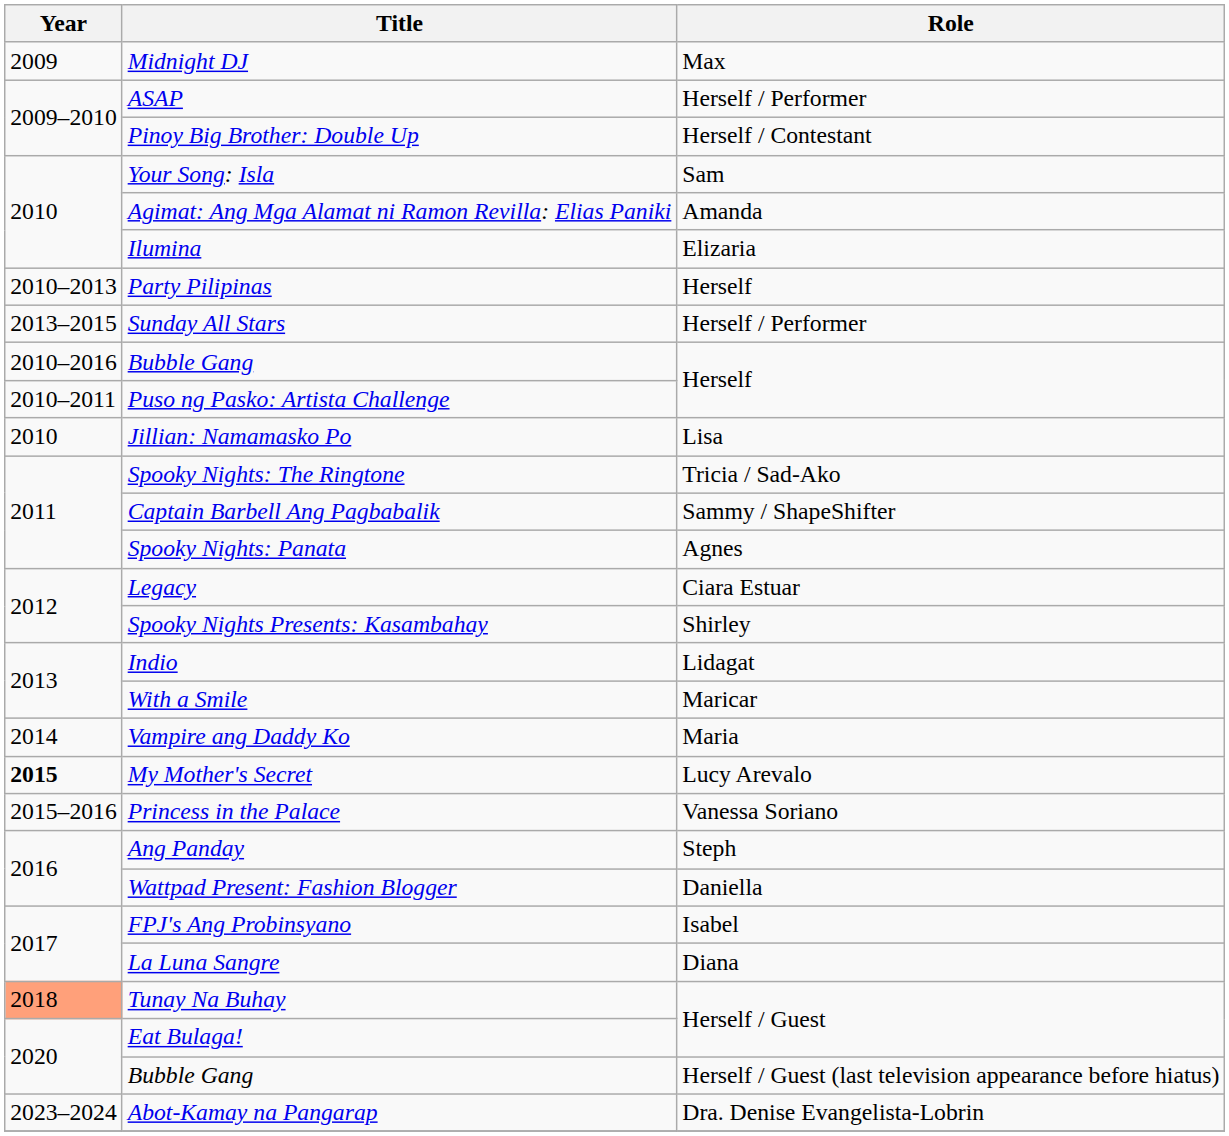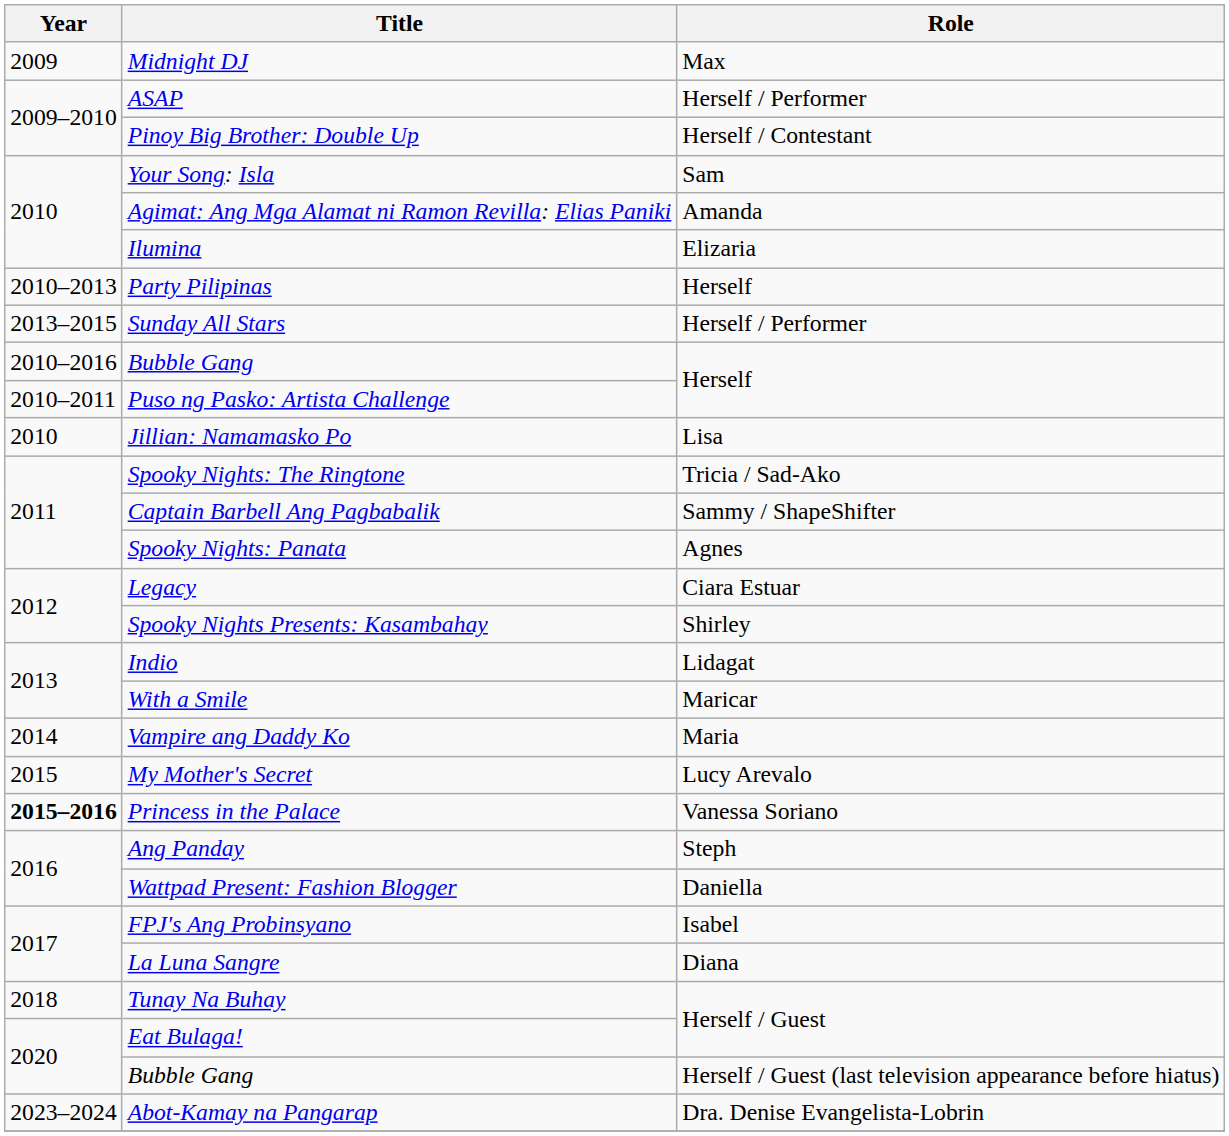 <table class="wikitable sortable">
 <tr>
 <th>Year</th>
 <th>Title</th>
 <th>Role</th>
 </tr>
 <tr>
 <td>2009</td>
 <td><em><a href='#'>Midnight DJ</a></em></td>
 <td>Max</td>
 </tr>
 <tr>
 <td rowspan="2">2009–2010</td>
 <td><em><a href='#'>ASAP</a></em></td>
 <td>Herself / Performer</td>
 </tr>
 <tr>
 <td><em><a href='#'>Pinoy Big Brother: Double Up</a></em></td>
 <td>Herself / Contestant</td>
 </tr>
 <tr>
 <td rowspan="3">2010</td>
 <td><em><a href='#'>Your Song</a>: <a href='#'>Isla</a></em></td>
 <td>Sam</td>
 </tr>
 <tr>
 <td><em><a href='#'>Agimat: Ang Mga Alamat ni Ramon Revilla</a>: <a href='#'>Elias Paniki</a></em></td>
 <td>Amanda</td>
 </tr>
 <tr>
 <td><em><a href='#'>Ilumina</a></em></td>
 <td>Elizaria</td>
 </tr>
 <tr>
 <td>2010–2013</td>
 <td><em><a href='#'>Party Pilipinas</a></em></td>
 <td>Herself</td>
 </tr>
 <tr>
 <td>2013–2015</td>
 <td><em><a href='#'>Sunday All Stars</a></em></td>
 <td>Herself / Performer</td>
 </tr>
 <tr>
 <td>2010–2016</td>
 <td><em><a href='#'>Bubble Gang</a></em></td>
 <td Rowspan="2">Herself</td>
 </tr>
 <tr>
 <td>2010–2011</td>
 <td><em><a href='#'>Puso ng Pasko: Artista Challenge</a></em></td>
 </tr>
 <tr>
 <td>2010</td>
 <td><em><a href='#'>Jillian: Namamasko Po</a></em></td>
 <td>Lisa</td>
 </tr>
 <tr>
 <td rowspan="3">2011</td>
 <td><a href='#'><em>Spooky Nights: The Ringtone</em></a></td>
 <td>Tricia / Sad-Ako</td>
 </tr>
 <tr>
 <td><em><a href='#'>Captain Barbell Ang Pagbabalik</a></em></td>
 <td>Sammy / ShapeShifter</td>
 </tr>
 <tr>
 <td><em><a href='#'>Spooky Nights: Panata</a></em></td>
 <td>Agnes</td>
 </tr>
 <tr>
 <td rowspan="2">2012</td>
 <td><em><a href='#'>Legacy</a></em></td>
 <td>Ciara Estuar</td>
 </tr>
 <tr>
 <td><em><a href='#'>Spooky Nights Presents: Kasambahay</a></em></td>
 <td>Shirley</td>
 </tr>
 <tr>
 <td rowspan="2">2013</td>
 <td><em><a href='#'>Indio</a></em></td>
 <td>Lidagat</td>
 </tr>
 <tr>
 <td><em><a href='#'>With a Smile</a></em></td>
 <td>Maricar</td>
 </tr>
 <tr>
 <td>2014</td>
 <td><em><a href='#'>Vampire ang Daddy Ko</a></em></td>
 <td>Maria</td>
 </tr>
 <tr>
-<td><strong>2015</strong></td>
+<td>2015</td>
 <td><em><a href='#'>My Mother's Secret</a></em></td>
 <td>Lucy Arevalo</td>
 </tr>
 <tr>
-<td>2015–2016</td>
+<td><strong>2015–2016</strong></td>
 <td><em><a href='#'>Princess in the Palace</a></em></td>
 <td>Vanessa Soriano</td>
 </tr>
 <tr>
 <td rowspan="2">2016</td>
 <td><em><a href='#'>Ang Panday</a></em></td>
 <td>Steph</td>
 </tr>
 <tr>
 <td><a href='#'><em>Wattpad Present: Fashion Blogger</em></a></td>
 <td>Daniella</td>
 </tr>
 <tr>
 <td rowspan="2">2017</td>
 <td><em><a href='#'>FPJ's Ang Probinsyano</a></em></td>
 <td>Isabel</td>
 </tr>
 <tr>
 <td><em><a href='#'>La Luna Sangre</a></em></td>
 <td>Diana</td>
 </tr>
 <tr>
-<td style="background: lightsalmon;">2018</td>
+<td>2018</td>
 <td><em><a href='#'>Tunay Na Buhay</a></em></td>
 <td rowspan="2">Herself / Guest</td>
 </tr>
 <tr>
 <td rowspan="2">2020</td>
 <td><em><a href='#'>Eat Bulaga!</a></em></td>
 </tr>
 <tr>
 <td><em>Bubble Gang</em></td>
 <td>Herself / Guest (last television appearance before hiatus)</td>
 </tr>
 <tr>
 <td>2023–2024</td>
 <td><em><a href='#'>Abot-Kamay na Pangarap</a></em></td>
 <td>Dra. Denise Evangelista-Lobrin</td>
 </tr>
 <tr>
 </tr>
 </table>
